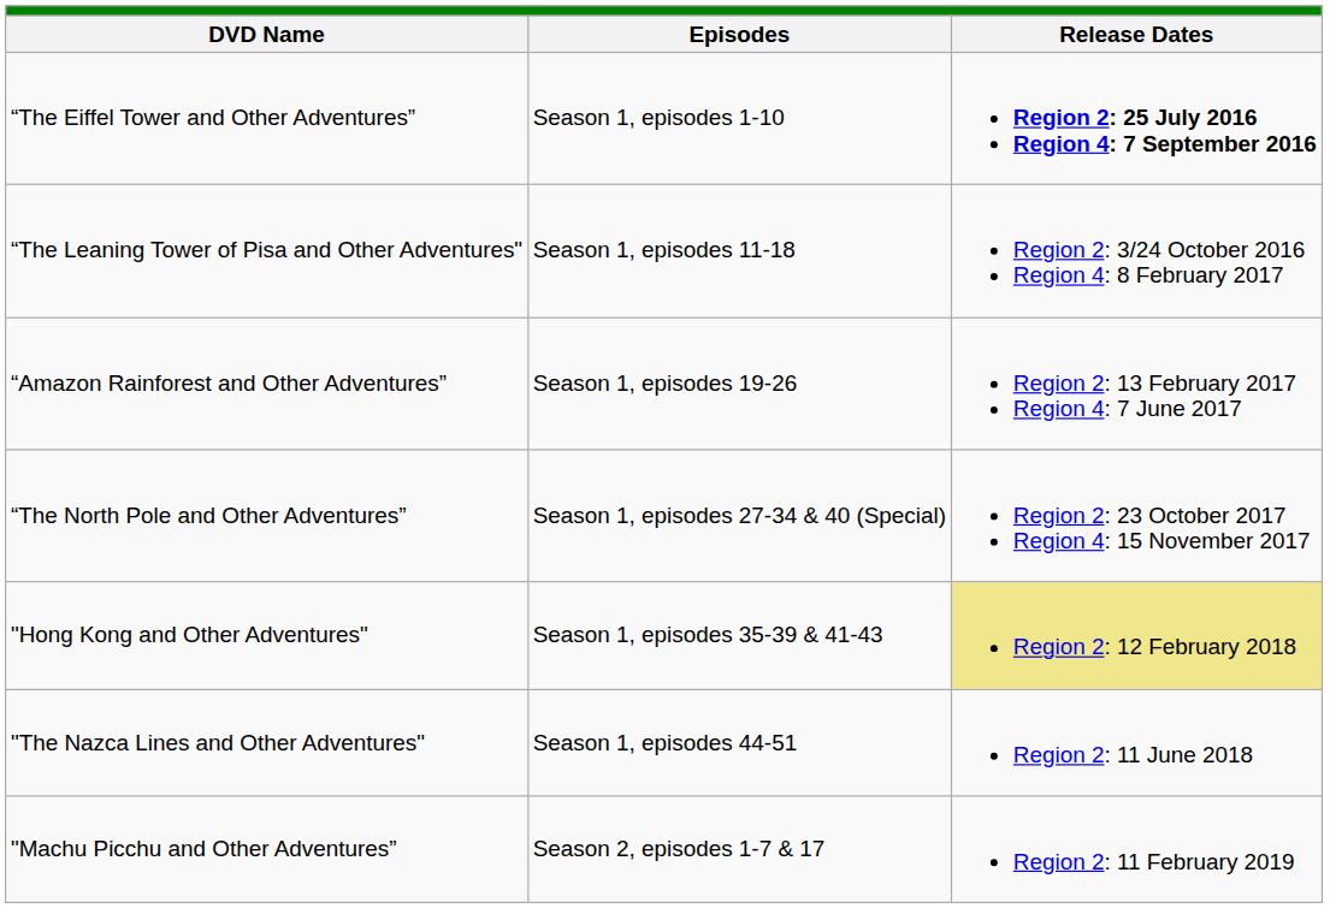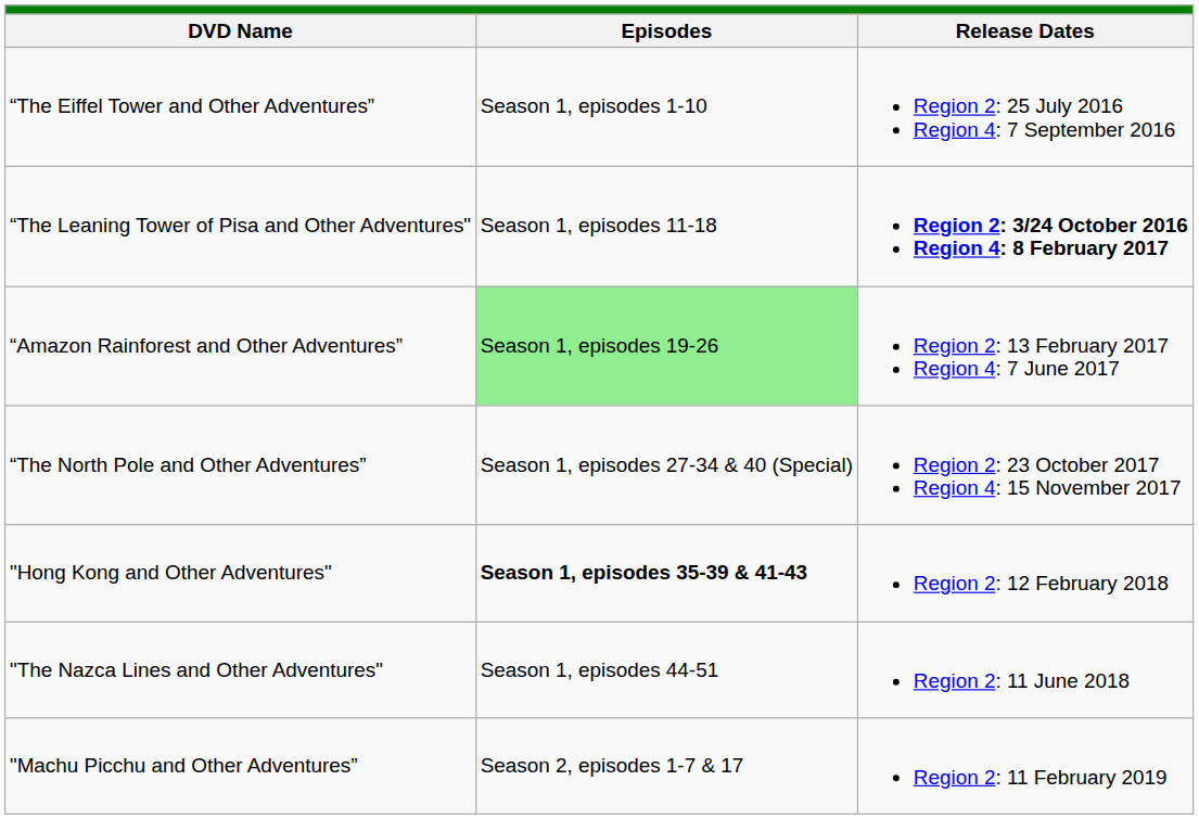 <table class="wikitable" border="1">
 <tr>
 <td colspan="4" style="background:green; color:yellow; font-size:100%" align="center"></td>
 </tr>
 <tr>
 <th>DVD Name</th>
 <th>Episodes</th>
 <th>Release Dates</th>
 </tr>
 <tr>
 <td>“The Eiffel Tower and Other Adventures”</td>
 <td>Season 1, episodes 1-10</td>
-<td><strong><br><ul><li><a href='#'>Region 2</a>: 25 July 2016</li><li><a href='#'>Region 4</a>: 7 September 2016</li></ul></strong></td>
+<td><br><ul><li><a href='#'>Region 2</a>: 25 July 2016</li><li><a href='#'>Region 4</a>: 7 September 2016</li></ul></td>
 </tr>
 <tr>
 <td>“The Leaning Tower of Pisa and Other Adventures"</td>
 <td>Season 1, episodes 11-18</td>
-<td><br><ul><li><a href='#'>Region 2</a>: 3/24 October 2016</li><li><a href='#'>Region 4</a>: 8 February 2017</li></ul></td>
+<td><strong><br><ul><li><a href='#'>Region 2</a>: 3/24 October 2016</li><li><a href='#'>Region 4</a>: 8 February 2017</li></ul></strong></td>
 </tr>
 <tr>
 <td>“Amazon Rainforest and Other Adventures”</td>
-<td>Season 1, episodes 19-26</td>
+<td style="background: lightgreen;">Season 1, episodes 19-26</td>
 <td><br><ul><li><a href='#'>Region 2</a>: 13 February 2017</li><li><a href='#'>Region 4</a>: 7 June 2017</li></ul></td>
 </tr>
 <tr>
 <td>“The North Pole and Other Adventures”</td>
 <td>Season 1, episodes 27-34 & 40 (Special)</td>
 <td><br><ul><li><a href='#'>Region 2</a>: 23 October 2017</li><li><a href='#'>Region 4</a>: 15 November 2017</li></ul></td>
 </tr>
 <tr>
 <td>"Hong Kong and Other Adventures"</td>
-<td>Season 1, episodes 35-39 & 41-43</td>
-<td style="background: khaki;"><br><ul><li><a href='#'>Region 2</a>: 12 February 2018</li></ul></td>
+<td><strong>Season 1, episodes 35-39 & 41-43</strong></td>
+<td><br><ul><li><a href='#'>Region 2</a>: 12 February 2018</li></ul></td>
 </tr>
 <tr>
 <td>"The Nazca Lines and Other Adventures"</td>
 <td>Season 1, episodes 44-51</td>
 <td><br><ul><li><a href='#'>Region 2</a>: 11 June 2018</li></ul></td>
 </tr>
 <tr>
 <td>"Machu Picchu and Other Adventures”</td>
 <td>Season 2, episodes 1-7 & 17</td>
 <td><br><ul><li><a href='#'>Region 2</a>: 11 February 2019</li></ul></td>
 </tr>
 </table>
